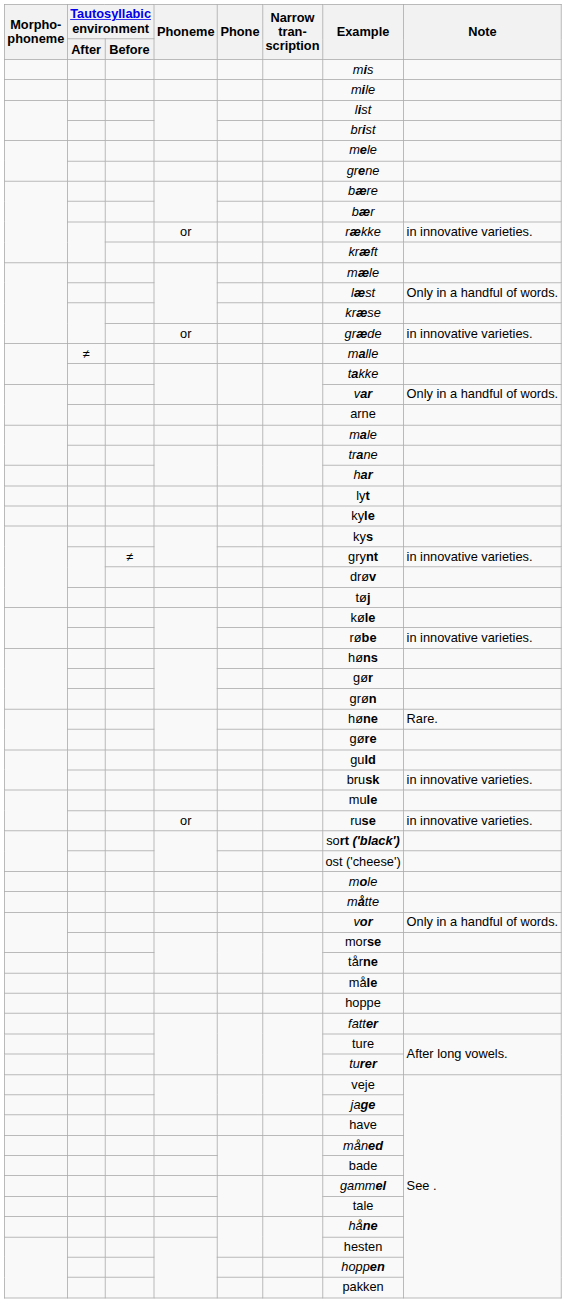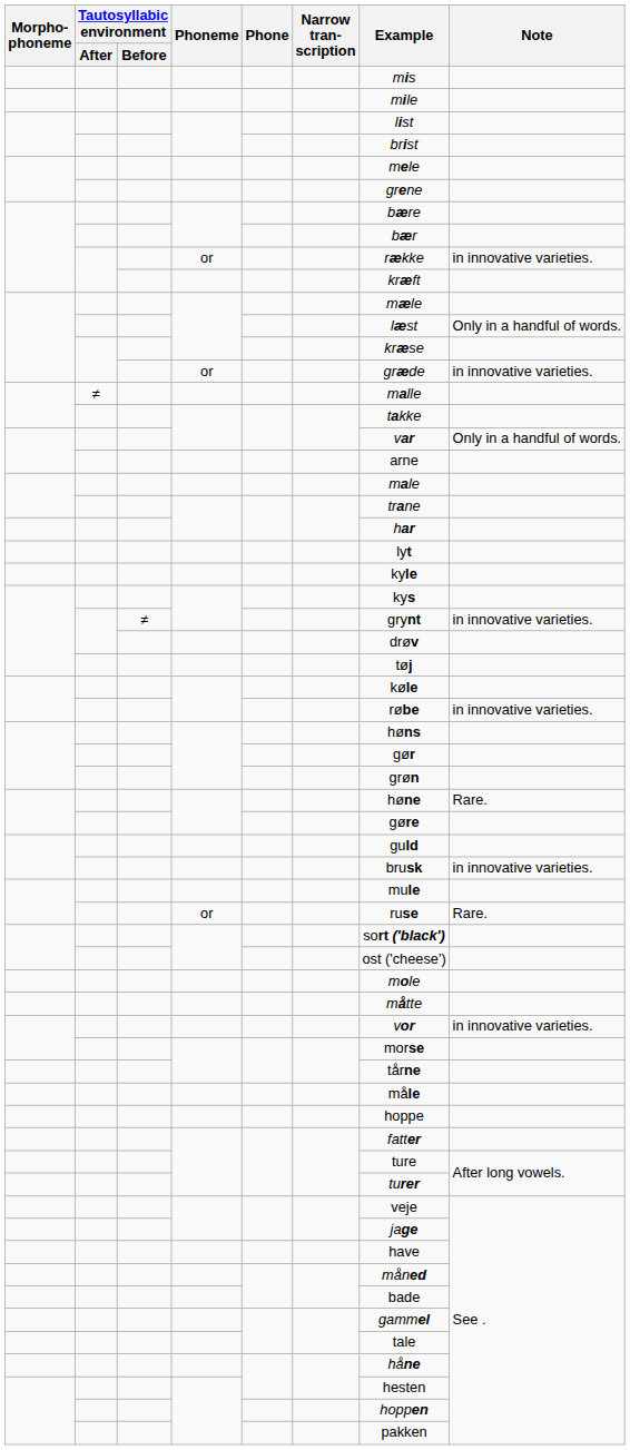 <table class="wikitable sortable" style="text-align: center;">
 <tr>
 <th rowspan="2">Morpho-<br>phoneme</th>
 <th colspan="2"><a href='#'>Tautosyllabic</a> <br>environment</th>
 <th rowspan="2">Phoneme</th>
 <th rowspan="2">Phone</th>
 <th rowspan="2">Narrow <br>tran-<br>scription</th>
 <th rowspan="2">Example</th>
 <th rowspan="2" class="unsortable">Note</th>
 </tr>
 <tr>
 <th>After</th>
 <th>Before</th>
 </tr>
 <tr>
 <td></td>
 <td></td>
 <td></td>
 <td></td>
 <td></td>
 <td></td>
 <td><em>m<strong>i</strong>s</em></td>
 <td style="text-align: left;"></td>
 </tr>
 <tr>
 <td></td>
 <td></td>
 <td></td>
 <td></td>
 <td></td>
 <td></td>
 <td><em>m<strong>i</strong>le</em></td>
 <td style="text-align: left;"></td>
 </tr>
 <tr>
 <td rowspan="2"></td>
 <td></td>
 <td></td>
 <td rowspan="2"></td>
 <td></td>
 <td></td>
 <td><em>l<strong>i</strong>st</em></td>
 <td style="text-align: left;"></td>
 </tr>
 <tr>
 <td></td>
 <td></td>
 <td></td>
 <td></td>
 <td><em>br<strong>i</strong>st</em></td>
 <td style="text-align: left;"></td>
 </tr>
 <tr>
 <td rowspan="2"></td>
 <td></td>
 <td></td>
 <td></td>
 <td></td>
 <td></td>
 <td><em>m<strong>e</strong>le</em></td>
 <td style="text-align: left;"></td>
 </tr>
 <tr>
 <td></td>
 <td></td>
 <td></td>
 <td></td>
 <td></td>
 <td><em>gr<strong>e</strong>ne</em></td>
 <td style="text-align: left;"></td>
 </tr>
 <tr>
 <td rowspan="4"></td>
 <td></td>
 <td></td>
 <td rowspan="2"></td>
 <td></td>
 <td></td>
 <td><em>b<strong>æ</strong>re</em></td>
 <td style="text-align: left;"></td>
 </tr>
 <tr>
 <td></td>
 <td></td>
 <td></td>
 <td></td>
 <td><em>b<strong>æ</strong>r</em></td>
 <td style="text-align: left;"></td>
 </tr>
 <tr>
 <td rowspan="2"></td>
 <td></td>
 <td> or </td>
 <td></td>
 <td></td>
 <td><em>r<strong>æ</strong>kke</em></td>
 <td style="text-align: left;"> in innovative varieties.</td>
 </tr>
 <tr>
 <td></td>
 <td></td>
 <td></td>
 <td></td>
 <td><em>kr<strong>æ</strong>ft</em></td>
 <td style="text-align: left;"></td>
 </tr>
 <tr>
 <td rowspan="4"></td>
 <td></td>
 <td></td>
 <td rowspan="3"></td>
 <td></td>
 <td></td>
 <td><em>m<strong>æ</strong>le</em></td>
 <td style="text-align: left;"></td>
 </tr>
 <tr>
 <td></td>
 <td></td>
 <td></td>
 <td></td>
 <td><em>l<strong>æ</strong>st</em></td>
 <td style="text-align: left;">Only in a handful of words.</td>
 </tr>
 <tr>
 <td rowspan="2"></td>
 <td></td>
 <td></td>
 <td></td>
 <td><em>kr<strong>æ</strong>se</em></td>
 <td style="text-align: left;"></td>
 </tr>
 <tr>
 <td></td>
 <td> or </td>
 <td></td>
 <td></td>
 <td><em>gr<strong>æ</strong>de</em></td>
 <td style="text-align: left;"> in innovative varieties.</td>
 </tr>
 <tr>
 <td rowspan="2"></td>
 <td>≠ </td>
 <td></td>
 <td></td>
 <td></td>
 <td></td>
 <td><em>m<strong>a</strong>lle</em></td>
 <td style="text-align: left;"></td>
 </tr>
 <tr>
 <td></td>
 <td></td>
 <td rowspan="2"></td>
 <td rowspan="2"></td>
 <td rowspan="2"></td>
 <td><em>t<strong>a</strong>kke</em></td>
 <td style="text-align: left;"></td>
 </tr>
 <tr>
 <td rowspan="2"></td>
 <td></td>
 <td></td>
 <td><em>v<strong>ar<strong><em></td>
 <td style="text-align: left;">Only in a handful of words.</td>
 </tr>
 <tr>
 <td></td>
 <td></td>
 <td></td>
 <td></td>
 <td></td>
 <td></em></strong>ar</strong>ne</em></td>
 <td style="text-align: left;"></td>
 </tr>
 <tr>
 <td rowspan="2"></td>
 <td></td>
 <td></td>
 <td></td>
 <td></td>
 <td></td>
 <td><em>m<strong>a</strong>le</em></td>
 <td style="text-align: left;"></td>
 </tr>
 <tr>
 <td></td>
 <td></td>
 <td rowspan="2"></td>
 <td rowspan="2"></td>
 <td rowspan="2"></td>
 <td><em>tr<strong>a</strong>ne</em></td>
 <td style="text-align: left;"></td>
 </tr>
 <tr>
 <td></td>
 <td></td>
 <td></td>
 <td><em>h<strong>ar<strong><em></td>
 <td style="text-align: left;"></td>
 </tr>
 <tr>
 <td></td>
 <td></td>
 <td></td>
 <td></td>
 <td></td>
 <td></td>
 <td></em>l</strong>y<strong>t<em></td>
 <td style="text-align: left;"></td>
 </tr>
 <tr>
 <td></td>
 <td></td>
 <td></td>
 <td></td>
 <td></td>
 <td></td>
 <td></em>k</strong>y<strong>le<em></td>
 <td style="text-align: left;"></td>
 </tr>
 <tr>
 <td rowspan="4"></td>
 <td></td>
 <td></td>
 <td rowspan="2"></td>
 <td></td>
 <td></td>
 <td></em>k</strong>y<strong>s<em></td>
 <td style="text-align: left;"></td>
 </tr>
 <tr>
 <td rowspan="2"></td>
 <td>≠ </td>
 <td></td>
 <td></td>
 <td></em>gr</strong>y<strong>nt<em></td>
 <td style="text-align: left;"> in innovative varieties.</td>
 </tr>
 <tr>
 <td></td>
 <td></td>
 <td></td>
 <td></td>
 <td></em>dr</strong>ø<strong>v<em></td>
 <td style="text-align: left;"></td>
 </tr>
 <tr>
 <td></td>
 <td></td>
 <td></td>
 <td></td>
 <td></td>
 <td></em>t</strong>ø<strong>j<em></td>
 <td style="text-align: left;"></td>
 </tr>
 <tr>
 <td rowspan="2"></td>
 <td></td>
 <td></td>
 <td rowspan="2"></td>
 <td></td>
 <td></td>
 <td></em>k</strong>ø<strong>le<em></td>
 <td style="text-align: left;"></td>
 </tr>
 <tr>
 <td></td>
 <td></td>
 <td></td>
 <td></td>
 <td></em>r</strong>ø<strong>be<em></td>
 <td style="text-align: left;"> in innovative varieties.</td>
 </tr>
 <tr>
 <td rowspan="3"></td>
 <td></td>
 <td></td>
 <td rowspan="3"></td>
 <td></td>
 <td></td>
 <td></em>h</strong>ø<strong>ns<em></td>
 <td style="text-align: left;"></td>
 </tr>
 <tr>
 <td></td>
 <td></td>
 <td></td>
 <td></td>
 <td></em>g</strong>ø<strong>r<em></td>
 <td style="text-align: left;"></td>
 </tr>
 <tr>
 <td></td>
 <td></td>
 <td></td>
 <td></td>
 <td></em>gr</strong>ø<strong>n<em></td>
 <td style="text-align: left;"></td>
 </tr>
 <tr>
 <td rowspan="2"></td>
 <td></td>
 <td></td>
 <td rowspan="2"></td>
 <td></td>
 <td></td>
 <td></em>h</strong>ø<strong>ne<em></td>
 <td style="text-align: left;">Rare.</td>
 </tr>
 <tr>
 <td></td>
 <td></td>
 <td></td>
 <td></td>
 <td></em>g</strong>ø<strong>re<em></td>
 <td style="text-align: left;"></td>
 </tr>
 <tr>
 <td rowspan="2"></td>
 <td></td>
 <td></td>
 <td></td>
 <td></td>
 <td></td>
 <td></em>g</strong>u<strong>ld<em></td>
 <td style="text-align: left;"></td>
 </tr>
 <tr>
 <td></td>
 <td></td>
 <td></td>
 <td></td>
 <td></td>
 <td></em>br</strong>u<strong>sk<em></td>
 <td style="text-align: left;"> in innovative varieties.</td>
 </tr>
 <tr>
 <td rowspan="2"></td>
 <td></td>
 <td></td>
 <td></td>
 <td></td>
 <td></td>
 <td></em>m</strong>u<strong>le<em></td>
 <td style="text-align: left;"></td>
 </tr>
 <tr>
 <td></td>
 <td></td>
 <td> or </td>
 <td></td>
 <td></td>
 <td></em>r</strong>u<strong>se<em></td>
-<td style="text-align: left;"> in innovative varieties.</td>
+<td style="text-align: left;">Rare.</td>
 </tr>
 <tr>
 <td rowspan="2"></td>
 <td></td>
 <td></td>
 <td rowspan="2"></td>
 <td></td>
 <td></td>
 <td></em>s</strong>o<strong>rt<em> ('black')</td>
 <td style="text-align: left;"></td>
 </tr>
 <tr>
 <td></td>
 <td></td>
 <td></td>
 <td></td>
 <td></em></strong>o</strong>st</em> ('cheese')</td>
 <td style="text-align: left;"></td>
 </tr>
 <tr>
 <td></td>
 <td></td>
 <td></td>
 <td></td>
 <td></td>
 <td></td>
 <td><em>m<strong>o</strong>le</em></td>
 <td style="text-align: left;"></td>
 </tr>
 <tr>
 <td></td>
 <td></td>
 <td></td>
 <td></td>
 <td></td>
 <td></td>
 <td><em>m<strong>å</strong>tte</em></td>
 <td style="text-align: left;"></td>
 </tr>
 <tr>
 <td rowspan="2"></td>
 <td></td>
 <td></td>
 <td></td>
 <td></td>
 <td></td>
 <td><em>v<strong>or<strong><em></td>
-<td style="text-align: left;">Only in a handful of words.</td>
+<td style="text-align: left;"> in innovative varieties.</td>
 </tr>
 <tr>
 <td></td>
 <td></td>
 <td rowspan="2"></td>
 <td rowspan="2"></td>
 <td rowspan="2"></td>
 <td></em>m</strong>or<strong>se<em></td>
 <td style="text-align: left;"></td>
 </tr>
 <tr>
 <td></td>
 <td></td>
 <td></td>
 <td></em>t</strong>år<strong>ne<em></td>
 <td style="text-align: left;"></td>
 </tr>
 <tr>
 <td></td>
 <td></td>
 <td></td>
 <td></td>
 <td></td>
 <td></td>
 <td></em>m</strong>å<strong>le<em></td>
 <td style="text-align: left;"></td>
 </tr>
 <tr>
 <td></td>
 <td></td>
 <td></td>
 <td></td>
 <td></td>
 <td></td>
 <td></em>hopp</strong>e</em></strong></td>
 <td style="text-align: left;"></td>
 </tr>
 <tr>
 <td></td>
 <td></td>
 <td></td>
 <td rowspan="3"></td>
 <td rowspan="3"></td>
 <td rowspan="3"></td>
 <td><em>fatt<strong>er<strong><em></td>
 <td style="text-align: left;"></td>
 </tr>
 <tr>
 <td></td>
 <td></td>
 <td></td>
 <td></em>tu</strong>re</em></strong></td>
 <td rowspan="2" style="text-align: left;">After long vowels.</td>
 </tr>
 <tr>
 <td></td>
 <td></td>
 <td></td>
 <td><em>tu<strong>rer<strong><em></td>
 </tr>
 <tr>
 <td></td>
 <td></td>
 <td></td>
 <td rowspan="2"></td>
 <td rowspan="2"></td>
 <td rowspan="2"></td>
 <td></em>ve</strong>je</em></strong></td>
 <td rowspan="11" style="text-align: left;">See .</td>
 </tr>
 <tr>
 <td></td>
 <td></td>
 <td></td>
 <td><em>ja<strong>ge<strong><em></td>
 </tr>
 <tr>
 <td></td>
 <td></td>
 <td></td>
 <td></td>
 <td></td>
 <td></td>
 <td></em>ha</strong>ve</em></strong></td>
 </tr>
 <tr>
 <td></td>
 <td></td>
 <td></td>
 <td></td>
 <td rowspan="2"></td>
 <td rowspan="2"></td>
 <td><em>mån<strong>ed<strong><em></td>
 </tr>
 <tr>
 <td></td>
 <td></td>
 <td></td>
 <td></td>
 <td></em>ba</strong>de</em></strong></td>
 </tr>
 <tr>
 <td></td>
 <td></td>
 <td></td>
 <td></td>
 <td rowspan="2"></td>
 <td rowspan="2"></td>
 <td><em>gamm<strong>el<strong><em></td>
 </tr>
 <tr>
 <td></td>
 <td></td>
 <td></td>
 <td></td>
 <td></em>ta</strong>le</em></strong></td>
 </tr>
 <tr>
 <td></td>
 <td></td>
 <td></td>
 <td></td>
 <td rowspan="2"></td>
 <td rowspan="2"></td>
 <td><em>hå<strong>ne<strong><em></td>
 </tr>
 <tr>
 <td rowspan="3"></td>
 <td></td>
 <td></td>
 <td rowspan="3"></td>
 <td></em>hest</strong>en</em></strong></td>
 </tr>
 <tr>
 <td></td>
 <td></td>
 <td></td>
 <td></td>
 <td><em>hopp<strong>en<strong><em></td>
 </tr>
 <tr>
 <td></td>
 <td></td>
 <td></td>
 <td></td>
 <td></em>pakk</strong>en</em></strong></td>
 </tr>
 </table>
